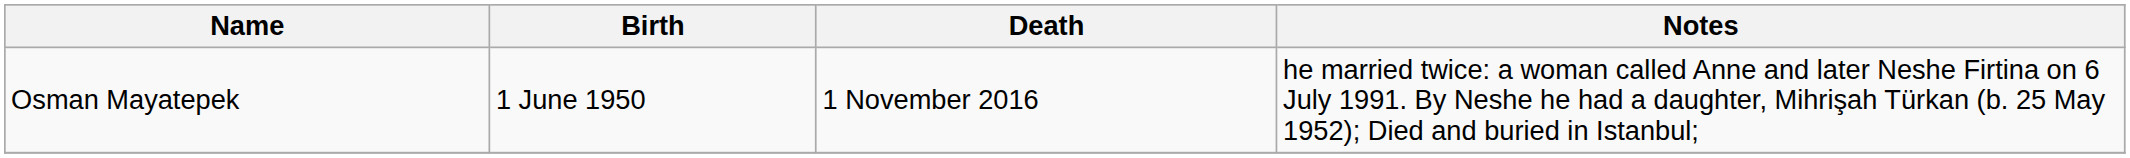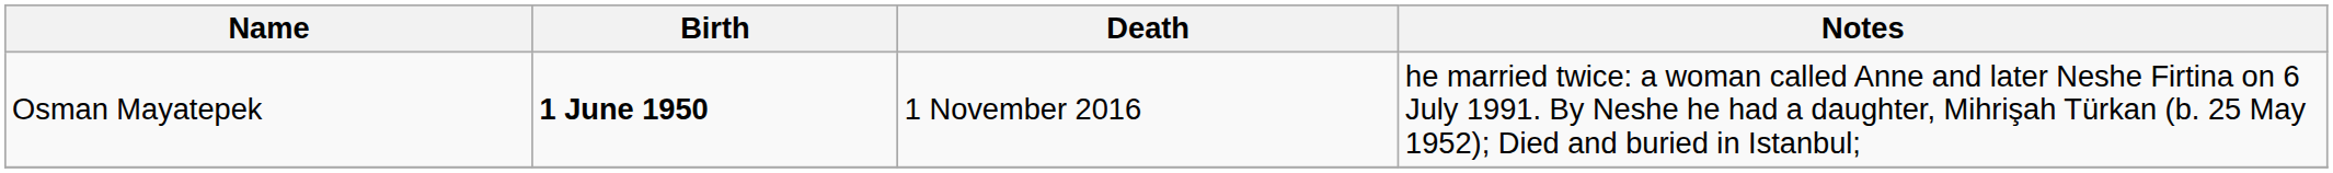 <table class="wikitable">
 <tr>
 <th>Name</th>
 <th>Birth</th>
 <th>Death</th>
 <th style="width:40%;">Notes</th>
 </tr>
 <tr>
 <td>Osman Mayatepek</td>
-<td>1 June 1950</td>
+<td><strong>1 June 1950</strong></td>
 <td>1 November 2016</td>
 <td>he married twice: a woman called Anne and later Neshe Firtina on 6 July 1991. By Neshe he had a daughter, Mihrişah Türkan (b. 25 May 1952); Died and buried in Istanbul;</td>
 </tr>
 <tr>
 </tr>
 </table>
